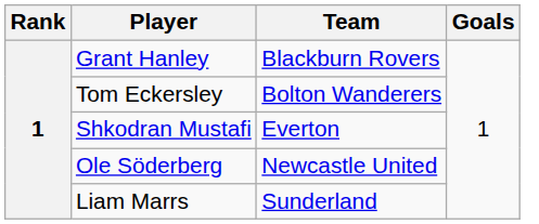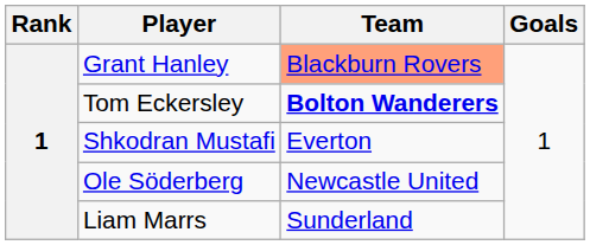 <table class="wikitable" style="text-align:center">
 <tr>
 <th>Rank</th>
 <th>Player</th>
 <th>Team</th>
 <th>Goals</th>
 </tr>
 <tr>
 <th rowspan="5">1</th>
 <td align="left"> <a href='#'>Grant Hanley</a></td>
-<td align="left"><a href='#'>Blackburn Rovers</a></td>
+<td align="left" style="background: lightsalmon;"><a href='#'>Blackburn Rovers</a></td>
 <td rowspan="5">1</td>
 </tr>
 <tr>
 <td align="left"> Tom Eckersley</td>
-<td align="left"><a href='#'>Bolton Wanderers</a></td>
+<td align="left"><strong><a href='#'>Bolton Wanderers</a></strong></td>
 </tr>
 <tr>
 <td align="left"> <a href='#'>Shkodran Mustafi</a></td>
 <td align="left"><a href='#'>Everton</a></td>
 </tr>
 <tr>
 <td align="left"> <a href='#'>Ole Söderberg</a></td>
 <td align="left"><a href='#'>Newcastle United</a></td>
 </tr>
 <tr>
 <td align="left"> Liam Marrs</td>
 <td align="left"><a href='#'>Sunderland</a></td>
 </tr>
 </table>
